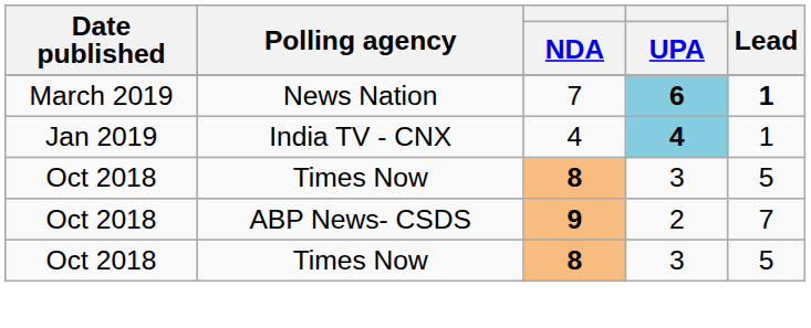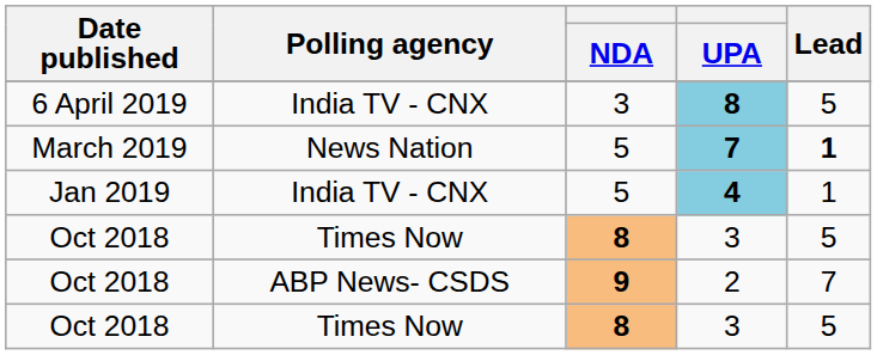 <table class="wikitable sortable" style="text-align:center;font-size:95%;line-height:16px">
 <tr>
 <th rowspan="2" width="100px">Date published</th>
 <th rowspan="2" width="175px">Polling agency</th>
 <th style="background:"></th>
 <th style="background:"></th>
 <th rowspan="2">Lead</th>
 </tr>
 <tr>
 <th width="50px" class="unsortable"><a href='#'>NDA</a></th>
 <th width="50px" class="unsortable"><a href='#'>UPA</a></th>
 </tr>
 <tr>
 </tr>
 <tr>
+<td>6 April 2019</td>
+<td>India TV - CNX</td>
+<td>3</td>
+<td style="background:#84CCE0"><strong>8</strong></td>
+<td style="background:"><span>5</span></td>
+</tr>
+<tr>
 <td>March 2019</td>
 <td>News Nation</td>
-<td>7</td>
-<td style="background:#84CCE0"><strong>6</strong></td>
+<td>5</td>
+<td style="background:#84CCE0"><strong>7</strong></td>
 <td style="background:"><strong><span>1</span></strong></td>
 </tr>
 <tr>
 <td>Jan 2019</td>
 <td>India TV - CNX</td>
-<td>4</td>
+<td>5</td>
 <td style="background:#84CCE0"><strong>4</strong></td>
 <td style="background:"><span>1</span></td>
 </tr>
 <tr>
 <td>Oct 2018</td>
 <td>Times Now</td>
 <td style="background:#F9BC7F"><strong>8</strong></td>
 <td>3</td>
 <td style="background:"><span>5</span></td>
 </tr>
 <tr>
 <td>Oct 2018</td>
 <td>ABP News- CSDS</td>
 <td style="background:#F9BC7F"><strong>9</strong></td>
 <td>2</td>
 <td style="background:"><span>7</span></td>
 </tr>
 <tr>
 <td>Oct 2018</td>
 <td>Times Now</td>
 <td style="background:#F9BC7F"><strong>8</strong></td>
 <td>3</td>
 <td style="background:"><span>5</span></td>
 </tr>
 </table>
